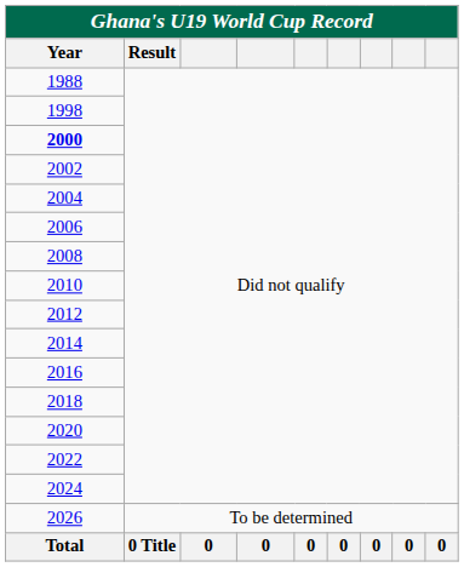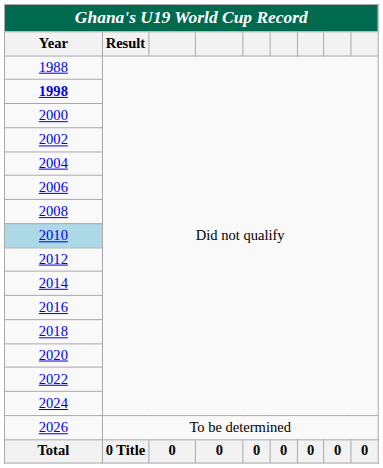 <table class="wikitable" style="font-size:90%; text-align:center">
 <tr>
 <th style="color:white; background:#006A4E;" colspan=9><strong><em><big>Ghana's U19 World Cup Record</big></em></strong></th>
 </tr>
 <tr>
 <th width="90">Year</th>
 <th>Result</th>
 <th width="40"></th>
 <th width="40"></th>
 <th width="20"></th>
 <th width="20"></th>
 <th width="20"></th>
 <th width="20"></th>
 <th width="20"></th>
 </tr>
 <tr>
 <td> <a href='#'>1988</a></td>
 <td rowspan=15 colspan=8>Did not qualify</td>
 </tr>
 <tr>
-<td> <a href='#'>1998</a></td>
+<td><strong> <a href='#'>1998</a></strong></td>
 </tr>
 <tr>
-<td><strong> <a href='#'>2000</a></strong></td>
+<td> <a href='#'>2000</a></td>
 </tr>
 <tr>
 <td> <a href='#'>2002</a></td>
 </tr>
 <tr>
 <td> <a href='#'>2004</a></td>
 </tr>
 <tr>
 <td> <a href='#'>2006</a></td>
 </tr>
 <tr>
 <td> <a href='#'>2008</a></td>
 </tr>
 <tr>
-<td> <a href='#'>2010</a></td>
+<td style="background: lightblue;"> <a href='#'>2010</a></td>
 </tr>
 <tr>
 <td> <a href='#'>2012</a></td>
 </tr>
 <tr>
 <td> <a href='#'>2014</a></td>
 </tr>
 <tr>
 <td> <a href='#'>2016</a></td>
 </tr>
 <tr>
 <td> <a href='#'>2018</a></td>
 </tr>
 <tr>
 <td> <a href='#'>2020</a></td>
 </tr>
 <tr>
 <td> <a href='#'>2022</a></td>
 </tr>
 <tr>
 <td> <a href='#'>2024</a></td>
 </tr>
 <tr>
 <td>  <a href='#'>2026</a></td>
 <td colspan=8>To be determined</td>
 </tr>
 <tr>
 <th>Total</th>
 <th>0 Title</th>
 <th>0</th>
 <th>0</th>
 <th>0</th>
 <th>0</th>
 <th>0</th>
 <th>0</th>
 <th>0</th>
 </tr>
 </table>
